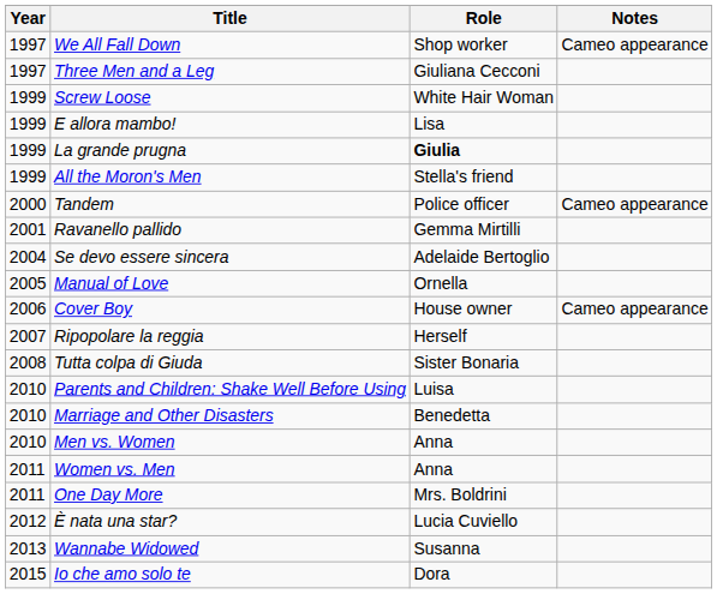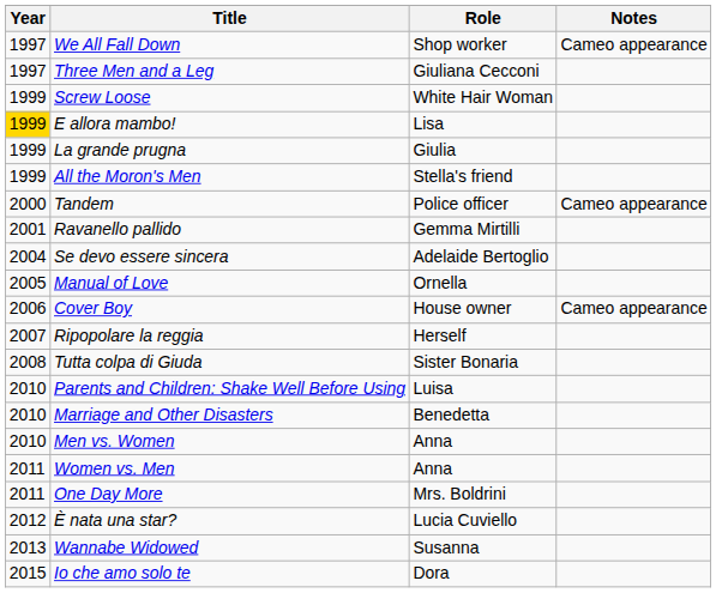 <table class="wikitable">
 <tr>
 </tr>
 <tr>
 <th>Year</th>
 <th>Title</th>
 <th>Role</th>
 <th>Notes</th>
 </tr>
 <tr>
 <td>1997</td>
 <td><em><a href='#'>We All Fall Down</a></em></td>
 <td>Shop worker</td>
 <td>Cameo appearance</td>
 </tr>
 <tr>
 <td>1997</td>
 <td><em><a href='#'>Three Men and a Leg</a></em></td>
 <td>Giuliana Cecconi</td>
 <td></td>
 </tr>
 <tr>
 <td>1999</td>
 <td><em><a href='#'>Screw Loose</a></em></td>
 <td>White Hair Woman</td>
 <td></td>
 </tr>
 <tr>
-<td>1999</td>
+<td style="background: gold;">1999</td>
 <td><em>E allora mambo!</em></td>
 <td>Lisa</td>
 <td></td>
 </tr>
 <tr>
 <td>1999</td>
 <td><em>La grande prugna</em></td>
-<td><strong>Giulia</strong></td>
+<td>Giulia</td>
 <td></td>
 </tr>
 <tr>
 <td>1999</td>
 <td><em><a href='#'>All the Moron's Men</a></em></td>
 <td>Stella's friend</td>
 <td></td>
 </tr>
 <tr>
 <td>2000</td>
 <td><em>Tandem</em></td>
 <td>Police officer</td>
 <td>Cameo appearance</td>
 </tr>
 <tr>
 <td>2001</td>
 <td><em>Ravanello pallido</em></td>
 <td>Gemma Mirtilli</td>
 <td></td>
 </tr>
 <tr>
 <td>2004</td>
 <td><em>Se devo essere sincera</em></td>
 <td>Adelaide Bertoglio</td>
 <td></td>
 </tr>
 <tr>
 <td>2005</td>
 <td><em><a href='#'>Manual of Love</a></em></td>
 <td>Ornella</td>
 <td></td>
 </tr>
 <tr>
 <td>2006</td>
 <td><em><a href='#'>Cover Boy</a></em></td>
 <td>House owner</td>
 <td>Cameo appearance</td>
 </tr>
 <tr>
 <td>2007</td>
 <td><em>Ripopolare la reggia</em></td>
 <td>Herself</td>
 <td></td>
 </tr>
 <tr>
 <td>2008</td>
 <td><em>Tutta colpa di Giuda</em></td>
 <td>Sister Bonaria</td>
 <td></td>
 </tr>
 <tr>
 <td>2010</td>
 <td><em><a href='#'>Parents and Children: Shake Well Before Using</a></em></td>
 <td>Luisa</td>
 <td></td>
 </tr>
 <tr>
 <td>2010</td>
 <td><em><a href='#'>Marriage and Other Disasters</a></em></td>
 <td>Benedetta</td>
 <td></td>
 </tr>
 <tr>
 <td>2010</td>
 <td><em><a href='#'>Men vs. Women</a></em></td>
 <td>Anna</td>
 <td></td>
 </tr>
 <tr>
 <td>2011</td>
 <td><em><a href='#'>Women vs. Men</a></em></td>
 <td>Anna</td>
 <td></td>
 </tr>
 <tr>
 <td>2011</td>
 <td><em><a href='#'>One Day More</a></em></td>
 <td>Mrs. Boldrini</td>
 <td></td>
 </tr>
 <tr>
 <td>2012</td>
 <td><em>È nata una star?</em></td>
 <td>Lucia Cuviello</td>
 <td></td>
 </tr>
 <tr>
 <td>2013</td>
 <td><em><a href='#'>Wannabe Widowed</a></em></td>
 <td>Susanna</td>
 <td></td>
 </tr>
 <tr>
 <td>2015</td>
 <td><em><a href='#'>Io che amo solo te</a></em></td>
 <td>Dora</td>
 <td></td>
 </tr>
 </table>
